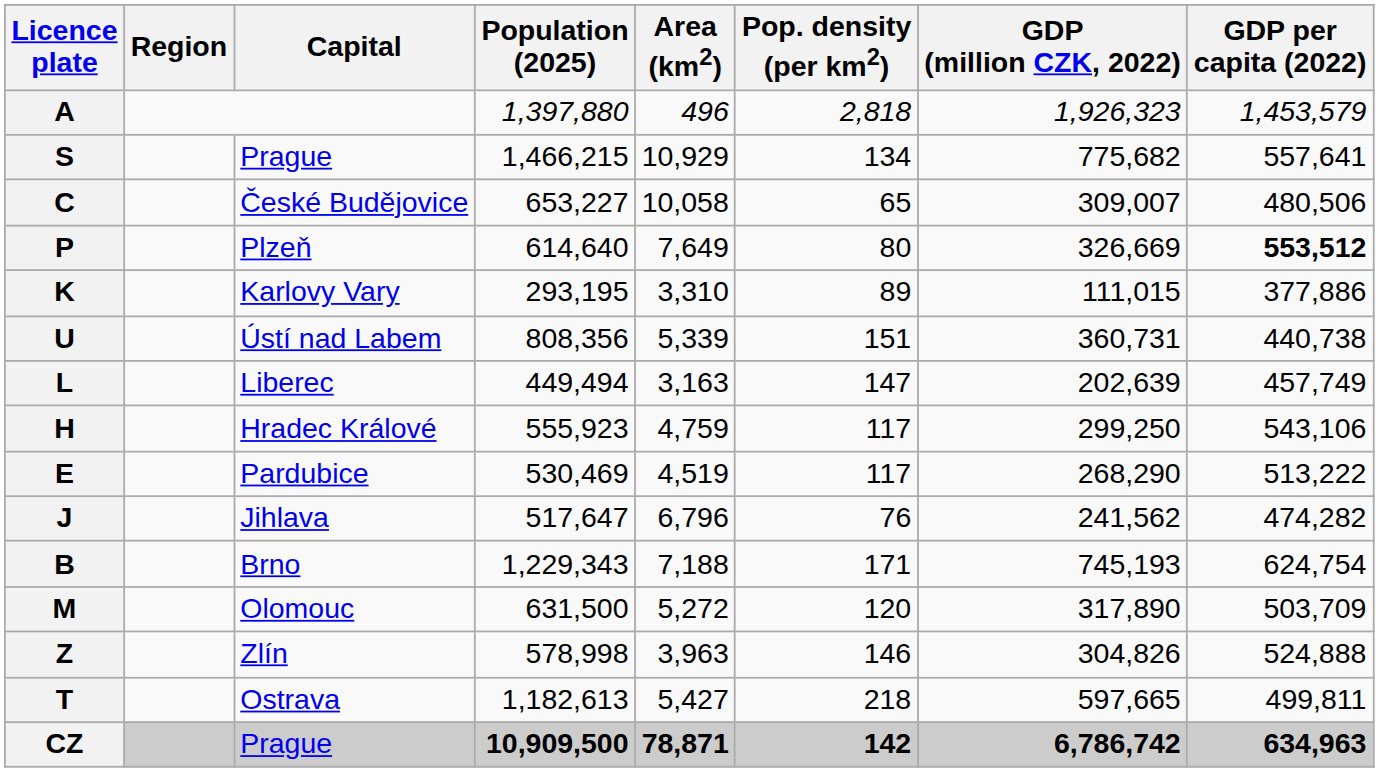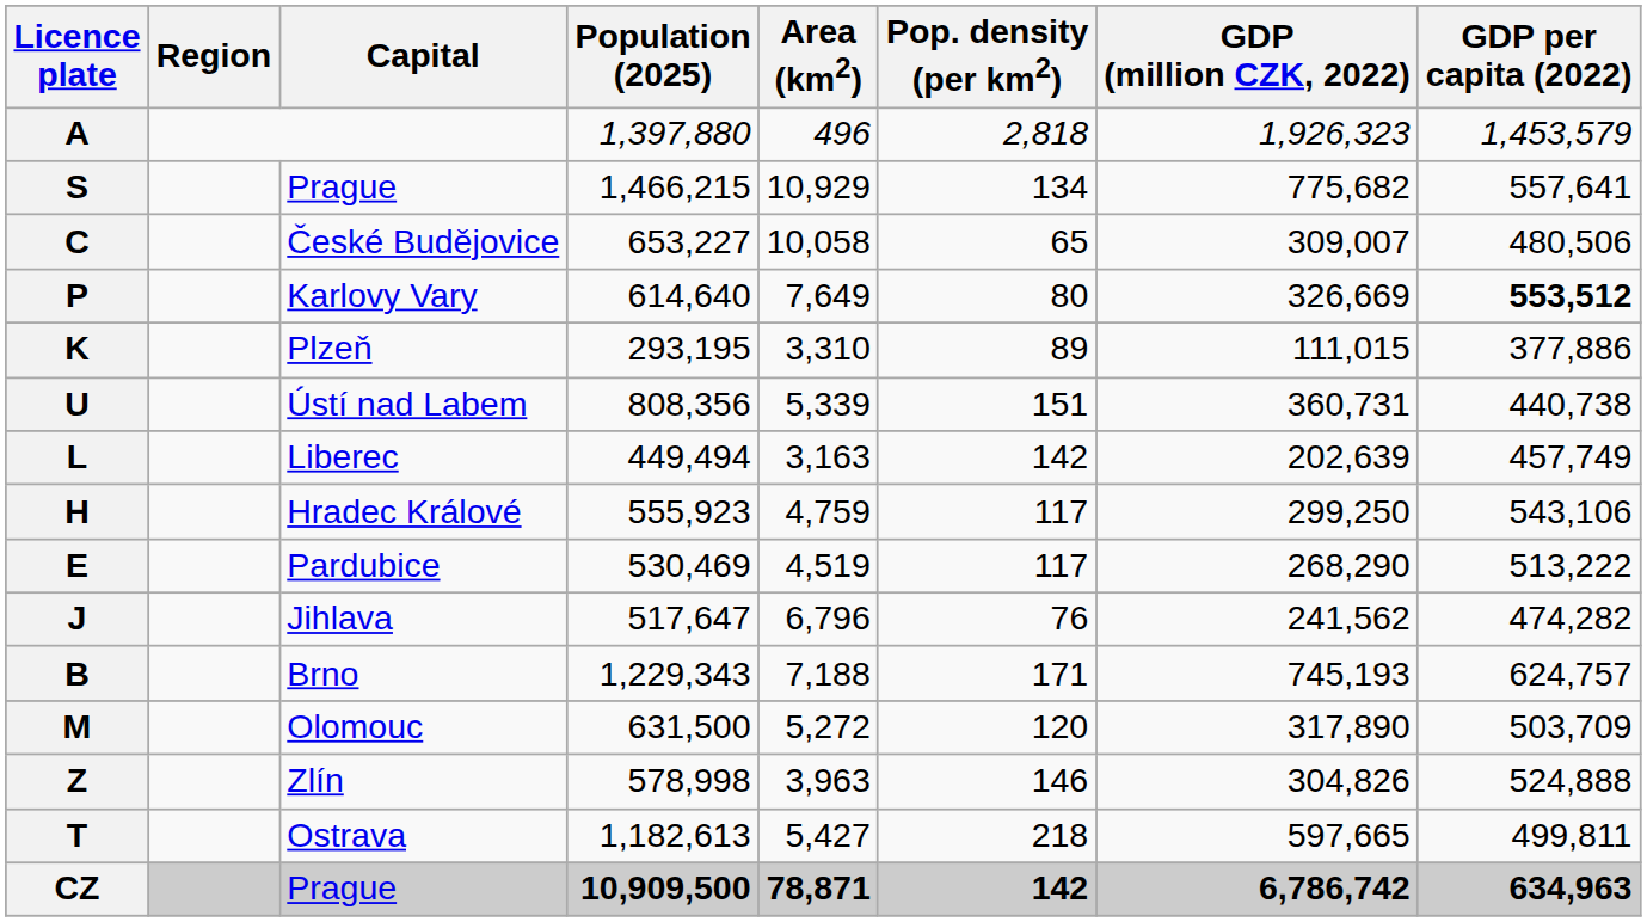 <table class="wikitable sortable" style="text-align:right; font-size:100%;">
 <tr>
 <th><a href='#'>Licence<br>plate</a></th>
 <th>Region</th>
 <th>Capital</th>
 <th>Population<br>(2025)</th>
 <th>Area<br>(km<sup>2</sup>)</th>
 <th>Pop. density<br>(per km<sup>2</sup>)</th>
 <th>GDP<br>(million <a href='#'>CZK</a>, 2022)</th>
 <th>GDP per<br>capita (2022)</th>
 </tr>
 <tr>
 <th>A</th>
 <td align="left" colspan=2></td>
 <td><em>1,397,880</em></td>
 <td><em>496</em></td>
 <td><em>2,818</em></td>
 <td><em>1,926,323</em></td>
 <td><em>1,453,579</em></td>
 </tr>
 <tr>
 <th>S</th>
 <td align="left"></td>
 <td align="left"><a href='#'>Prague</a></td>
 <td>1,466,215</td>
 <td>10,929</td>
 <td>134</td>
 <td>775,682</td>
 <td>557,641</td>
 </tr>
 <tr>
 <th>C</th>
 <td align="left"></td>
 <td align="left"><a href='#'>České Budějovice</a></td>
 <td>653,227</td>
 <td>10,058</td>
 <td>65</td>
 <td>309,007</td>
 <td>480,506</td>
 </tr>
 <tr>
 <th>P</th>
 <td align="left"></td>
-<td align="left"><a href='#'>Plzeň</a></td>
+<td align="left"><a href='#'>Karlovy Vary</a></td>
 <td>614,640</td>
 <td>7,649</td>
 <td>80</td>
 <td>326,669</td>
 <td><strong>553,512</strong></td>
 </tr>
 <tr>
 <th>K</th>
 <td align="left"></td>
-<td align="left"><a href='#'>Karlovy Vary</a></td>
+<td align="left"><a href='#'>Plzeň</a></td>
 <td>293,195</td>
 <td>3,310</td>
 <td>89</td>
 <td>111,015</td>
 <td>377,886</td>
 </tr>
 <tr>
 <th>U</th>
 <td align="left"></td>
 <td align="left"><a href='#'>Ústí nad Labem</a></td>
 <td>808,356</td>
 <td>5,339</td>
 <td>151</td>
 <td>360,731</td>
 <td>440,738</td>
 </tr>
 <tr>
 <th>L</th>
 <td align="left"></td>
 <td align="left"><a href='#'>Liberec</a></td>
 <td>449,494</td>
 <td>3,163</td>
-<td>147</td>
+<td>142</td>
 <td>202,639</td>
 <td>457,749</td>
 </tr>
 <tr>
 <th>H</th>
 <td align="left"></td>
 <td align="left"><a href='#'>Hradec Králové</a></td>
 <td>555,923</td>
 <td>4,759</td>
 <td>117</td>
 <td>299,250</td>
 <td>543,106</td>
 </tr>
 <tr>
 <th>E</th>
 <td align="left"></td>
 <td align="left"><a href='#'>Pardubice</a></td>
 <td>530,469</td>
 <td>4,519</td>
 <td>117</td>
 <td>268,290</td>
 <td>513,222</td>
 </tr>
 <tr>
 <th>J</th>
 <td align="left"></td>
 <td align="left"><a href='#'>Jihlava</a></td>
 <td>517,647</td>
 <td>6,796</td>
 <td>76</td>
 <td>241,562</td>
 <td>474,282</td>
 </tr>
 <tr>
 <th>B</th>
 <td align="left"></td>
 <td align="left"><a href='#'>Brno</a></td>
 <td>1,229,343</td>
 <td>7,188</td>
 <td>171</td>
 <td>745,193</td>
-<td>624,754</td>
+<td>624,757</td>
 </tr>
 <tr>
 <th>M</th>
 <td align="left"></td>
 <td align="left"><a href='#'>Olomouc</a></td>
 <td>631,500</td>
 <td>5,272</td>
 <td>120</td>
 <td>317,890</td>
 <td>503,709</td>
 </tr>
 <tr>
 <th>Z</th>
 <td align="left"></td>
 <td align="left"><a href='#'>Zlín</a></td>
 <td>578,998</td>
 <td>3,963</td>
 <td>146</td>
 <td>304,826</td>
 <td>524,888</td>
 </tr>
 <tr>
 <th>T</th>
 <td align="left"></td>
 <td align="left"><a href='#'>Ostrava</a></td>
 <td>1,182,613</td>
 <td>5,427</td>
 <td>218</td>
 <td>597,665</td>
 <td>499,811</td>
 </tr>
 <tr class="sortbottom" style="background:#cccccc; align:left">
 <th>CZ</th>
 <td align="left"><strong></strong></td>
 <td align="left"><a href='#'>Prague</a></td>
 <td><strong>10,909,500</strong></td>
 <td><strong>78,871</strong></td>
 <td><strong>142</strong></td>
 <td><strong>6,786,742</strong></td>
 <td><strong>634,963</strong></td>
 </tr>
 </table>
